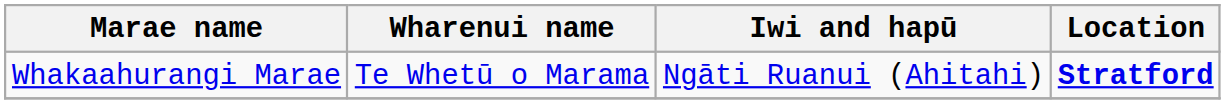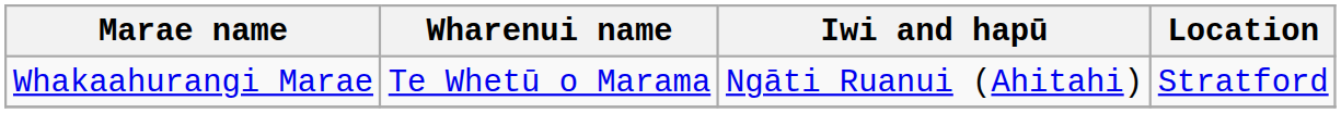 <table class="wikitable sortable">
 <tr>
 <th>Marae name</th>
 <th>Wharenui name</th>
 <th>Iwi and hapū</th>
 <th>Location</th>
 </tr>
 <tr>
 <td><a href='#'>Whakaahurangi Marae</a></td>
 <td><a href='#'>Te Whetū o Marama</a></td>
 <td><a href='#'>Ngāti Ruanui</a> (<a href='#'>Ahitahi</a>)</td>
-<td><strong><a href='#'>Stratford</a></strong></td>
+<td><a href='#'>Stratford</a></td>
 </tr>
 <tr>
 </tr>
 </table>
